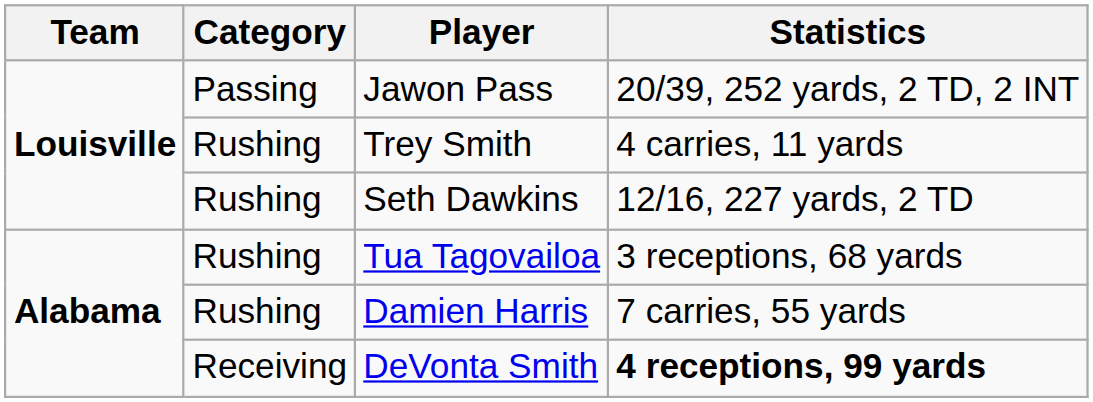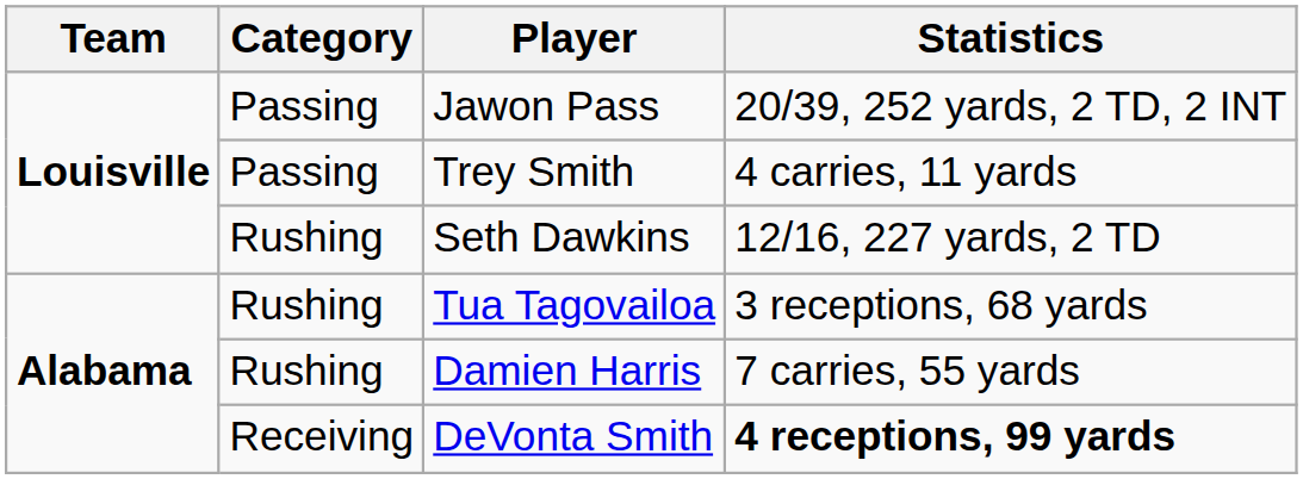 <table class="wikitable" style="float: right;">
 <tr>
 <th>Team</th>
 <th>Category</th>
 <th>Player</th>
 <th>Statistics</th>
 </tr>
 <tr>
 <td rowspan=3><strong>Louisville</strong></td>
 <td>Passing</td>
 <td>Jawon Pass</td>
 <td>20/39, 252 yards, 2 TD, 2 INT</td>
 </tr>
 <tr>
-<td>Rushing</td>
+<td>Passing</td>
 <td>Trey Smith</td>
 <td>4 carries, 11 yards</td>
 </tr>
 <tr>
 <td>Rushing</td>
 <td>Seth Dawkins</td>
 <td>12/16, 227 yards, 2 TD</td>
 </tr>
 <tr>
 <td rowspan=3><strong>Alabama</strong></td>
 <td>Rushing</td>
 <td><a href='#'>Tua Tagovailoa</a></td>
 <td>3 receptions, 68 yards</td>
 </tr>
 <tr>
 <td>Rushing</td>
 <td><a href='#'>Damien Harris</a></td>
 <td>7 carries, 55 yards</td>
 </tr>
 <tr>
 <td>Receiving</td>
 <td><a href='#'>DeVonta Smith</a></td>
 <td><strong>4 receptions, 99 yards</strong></td>
 </tr>
 </table>
